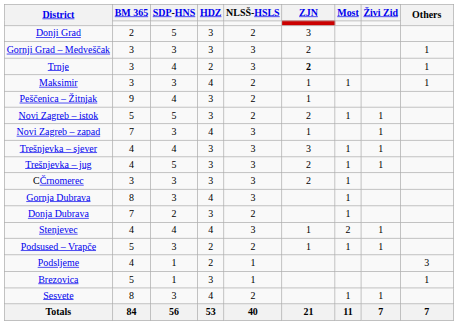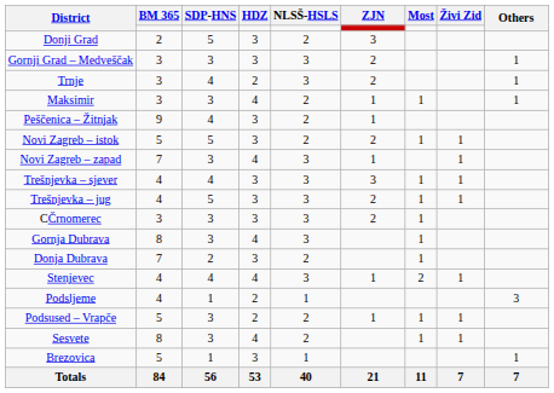 <table class="wikitable" style="text-align:center; font-size:90%;">
 <tr>
 <th rowspan=2><a href='#'>District</a></th>
 <th><a href='#'>BM 365</a></th>
 <th><a href='#'>SDP</a>-<a href='#'>HNS</a></th>
 <th><a href='#'>HDZ</a></th>
 <th>NLSŠ-<a href='#'>HSLS</a></th>
 <th><a href='#'>ZJN</a></th>
 <th><a href='#'>Most</a></th>
 <th><a href='#'>Živi Zid</a></th>
 <th style="width:70px;" rowspan="2">Others</th>
 </tr>
 <tr>
 <td style="background: "></td>
 <td style="background: "></td>
 <td style="background: "></td>
 <td style="background: "></td>
 <td style="background-color:#cc0000; width:70px;"></td>
 <td style="background: "></td>
 <td style="background: "></td>
 </tr>
 <tr>
 <td><a href='#'>Donji Grad</a></td>
 <td>2</td>
 <td>5</td>
 <td>3</td>
 <td>2</td>
 <td>3</td>
 <td></td>
 <td></td>
 <td></td>
 </tr>
 <tr>
 <td><a href='#'>Gornji Grad – Medveščak</a></td>
 <td>3</td>
 <td>3</td>
 <td>3</td>
 <td>3</td>
 <td>2</td>
 <td></td>
 <td></td>
 <td>1</td>
 </tr>
 <tr>
 <td><a href='#'>Trnje</a></td>
 <td>3</td>
 <td>4</td>
 <td>2</td>
 <td>3</td>
-<td><strong>2</strong></td>
+<td>2</td>
 <td></td>
 <td></td>
 <td>1</td>
 </tr>
 <tr>
 <td><a href='#'>Maksimir</a></td>
 <td>3</td>
 <td>3</td>
 <td>4</td>
 <td>2</td>
 <td>1</td>
 <td>1</td>
 <td></td>
 <td>1</td>
 </tr>
 <tr>
 <td><a href='#'>Peščenica – Žitnjak</a></td>
 <td>9</td>
 <td>4</td>
 <td>3</td>
 <td>2</td>
 <td>1</td>
 <td></td>
 <td></td>
 <td></td>
 </tr>
 <tr>
 <td><a href='#'>Novi Zagreb – istok</a></td>
 <td>5</td>
 <td>5</td>
 <td>3</td>
 <td>2</td>
 <td>2</td>
 <td>1</td>
 <td>1</td>
 <td></td>
 </tr>
 <tr>
 <td><a href='#'>Novi Zagreb – zapad</a></td>
 <td>7</td>
 <td>3</td>
 <td>4</td>
 <td>3</td>
 <td>1</td>
 <td></td>
 <td>1</td>
 <td></td>
 </tr>
 <tr>
 <td><a href='#'>Trešnjevka – sjever</a></td>
 <td>4</td>
 <td>4</td>
 <td>3</td>
 <td>3</td>
 <td>3</td>
 <td>1</td>
 <td>1</td>
 <td></td>
 </tr>
 <tr>
 <td><a href='#'>Trešnjevka – jug</a></td>
 <td>4</td>
 <td>5</td>
 <td>3</td>
 <td>3</td>
 <td>2</td>
 <td>1</td>
 <td>1</td>
 <td></td>
 </tr>
 <tr>
 <td><span>C</span><a href='#'>Črnomerec</a></td>
 <td>3</td>
 <td>3</td>
 <td>3</td>
 <td>3</td>
 <td>2</td>
 <td>1</td>
 <td></td>
 <td></td>
 </tr>
 <tr>
 <td><a href='#'>Gornja Dubrava</a></td>
 <td>8</td>
 <td>3</td>
 <td>4</td>
 <td>3</td>
 <td></td>
 <td>1</td>
 <td></td>
 <td></td>
 </tr>
 <tr>
 <td><a href='#'>Donja Dubrava</a></td>
 <td>7</td>
 <td>2</td>
 <td>3</td>
 <td>2</td>
 <td></td>
 <td>1</td>
 <td></td>
 <td></td>
 </tr>
 <tr>
 <td><a href='#'>Stenjevec</a></td>
 <td>4</td>
 <td>4</td>
 <td>4</td>
 <td>3</td>
 <td>1</td>
 <td>2</td>
 <td>1</td>
 <td></td>
 </tr>
 <tr>
+<td><a href='#'>Podsljeme</a></td>
+<td>4</td>
+<td>1</td>
+<td>2</td>
+<td>1</td>
+<td></td>
+<td></td>
+<td></td>
+<td>3</td>
+</tr>
+<tr>
 <td><a href='#'>Podsused – Vrapče</a></td>
 <td>5</td>
 <td>3</td>
 <td>2</td>
 <td>2</td>
 <td>1</td>
 <td>1</td>
 <td>1</td>
 <td></td>
 </tr>
 <tr>
-<td><a href='#'>Podsljeme</a></td>
+<td><a href='#'>Sesvete</a></td>
+<td>8</td>
+<td>3</td>
 <td>4</td>
+<td>2</td>
+<td></td>
 <td>1</td>
-<td>2</td>
 <td>1</td>
 <td></td>
-<td></td>
-<td></td>
-<td>3</td>
 </tr>
 <tr>
 <td><a href='#'>Brezovica</a></td>
 <td>5</td>
 <td>1</td>
 <td>3</td>
 <td>1</td>
 <td></td>
 <td></td>
 <td></td>
 <td>1</td>
 </tr>
 <tr>
-<td><a href='#'>Sesvete</a></td>
-<td>8</td>
-<td>3</td>
-<td>4</td>
-<td>2</td>
-<td></td>
-<td>1</td>
-<td>1</td>
-<td></td>
-</tr>
-<tr>
 <th>Totals</th>
 <th>84</th>
 <th>56</th>
 <th>53</th>
 <th>40</th>
 <th>21</th>
 <th>11</th>
 <th>7</th>
 <th>7</th>
 </tr>
 </table>
